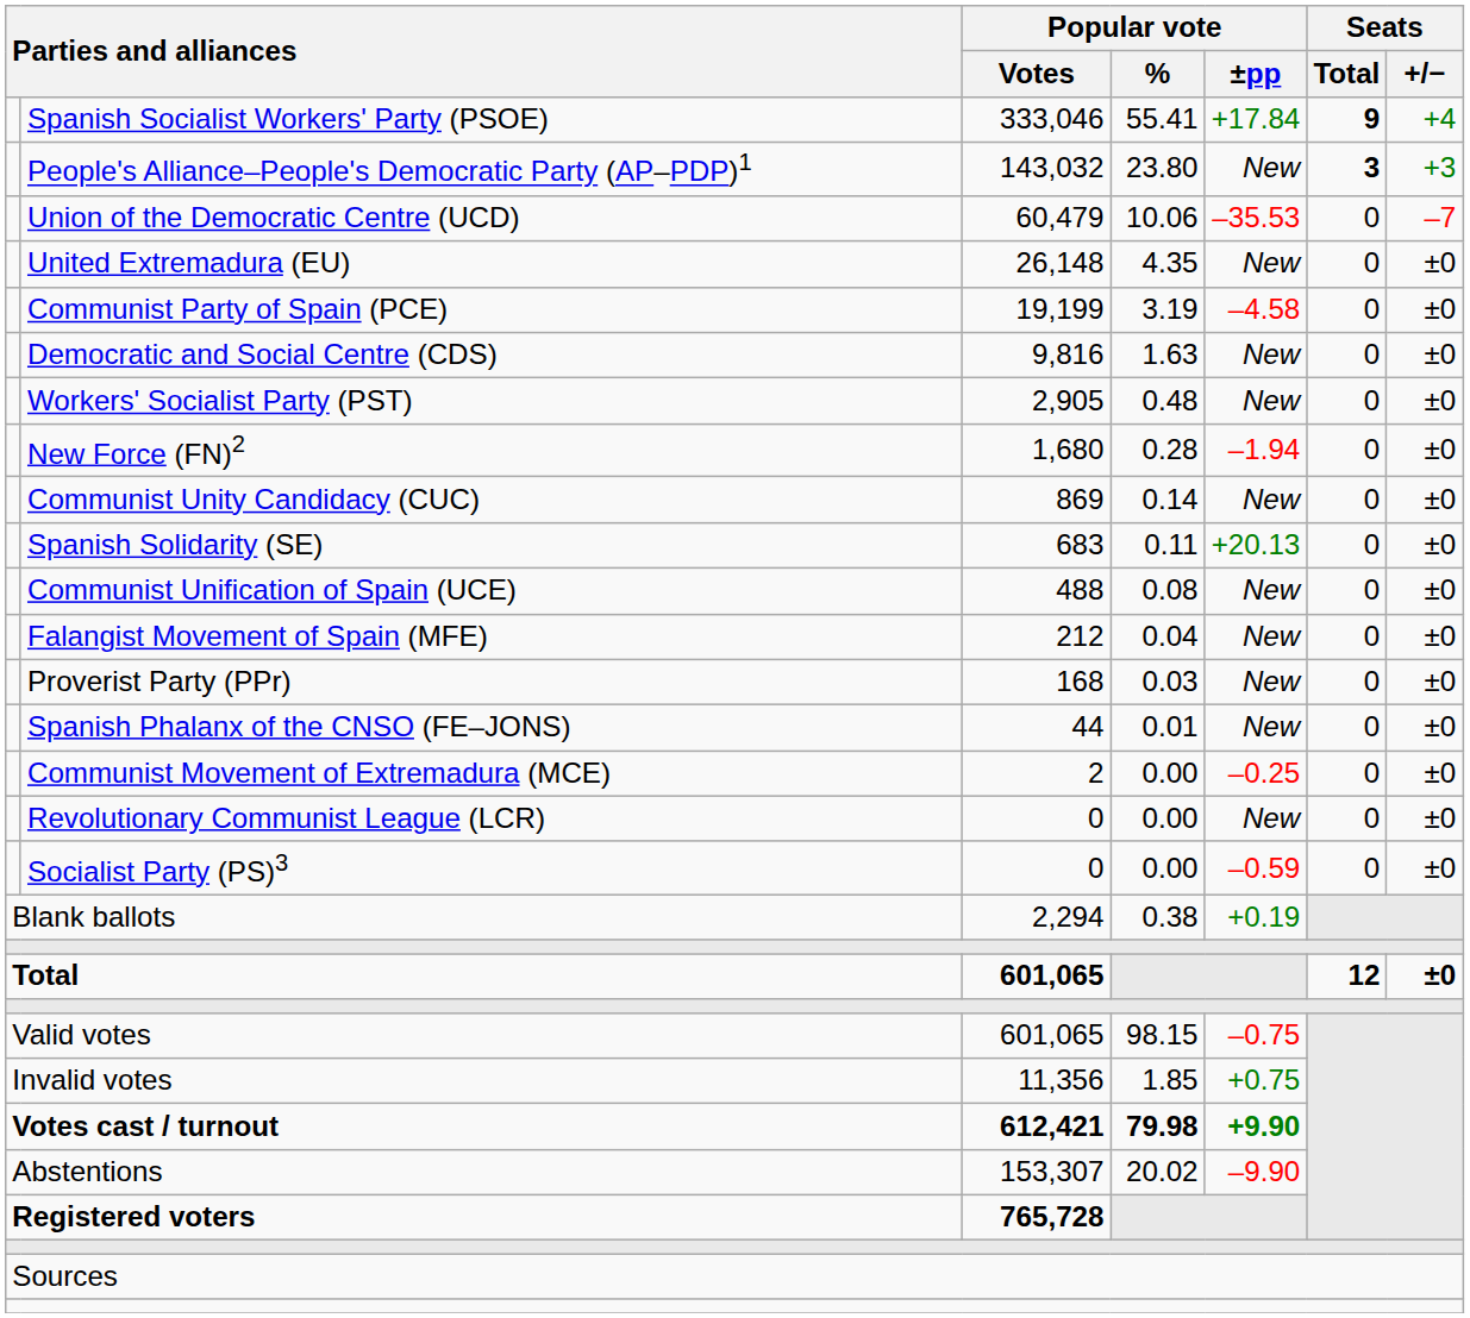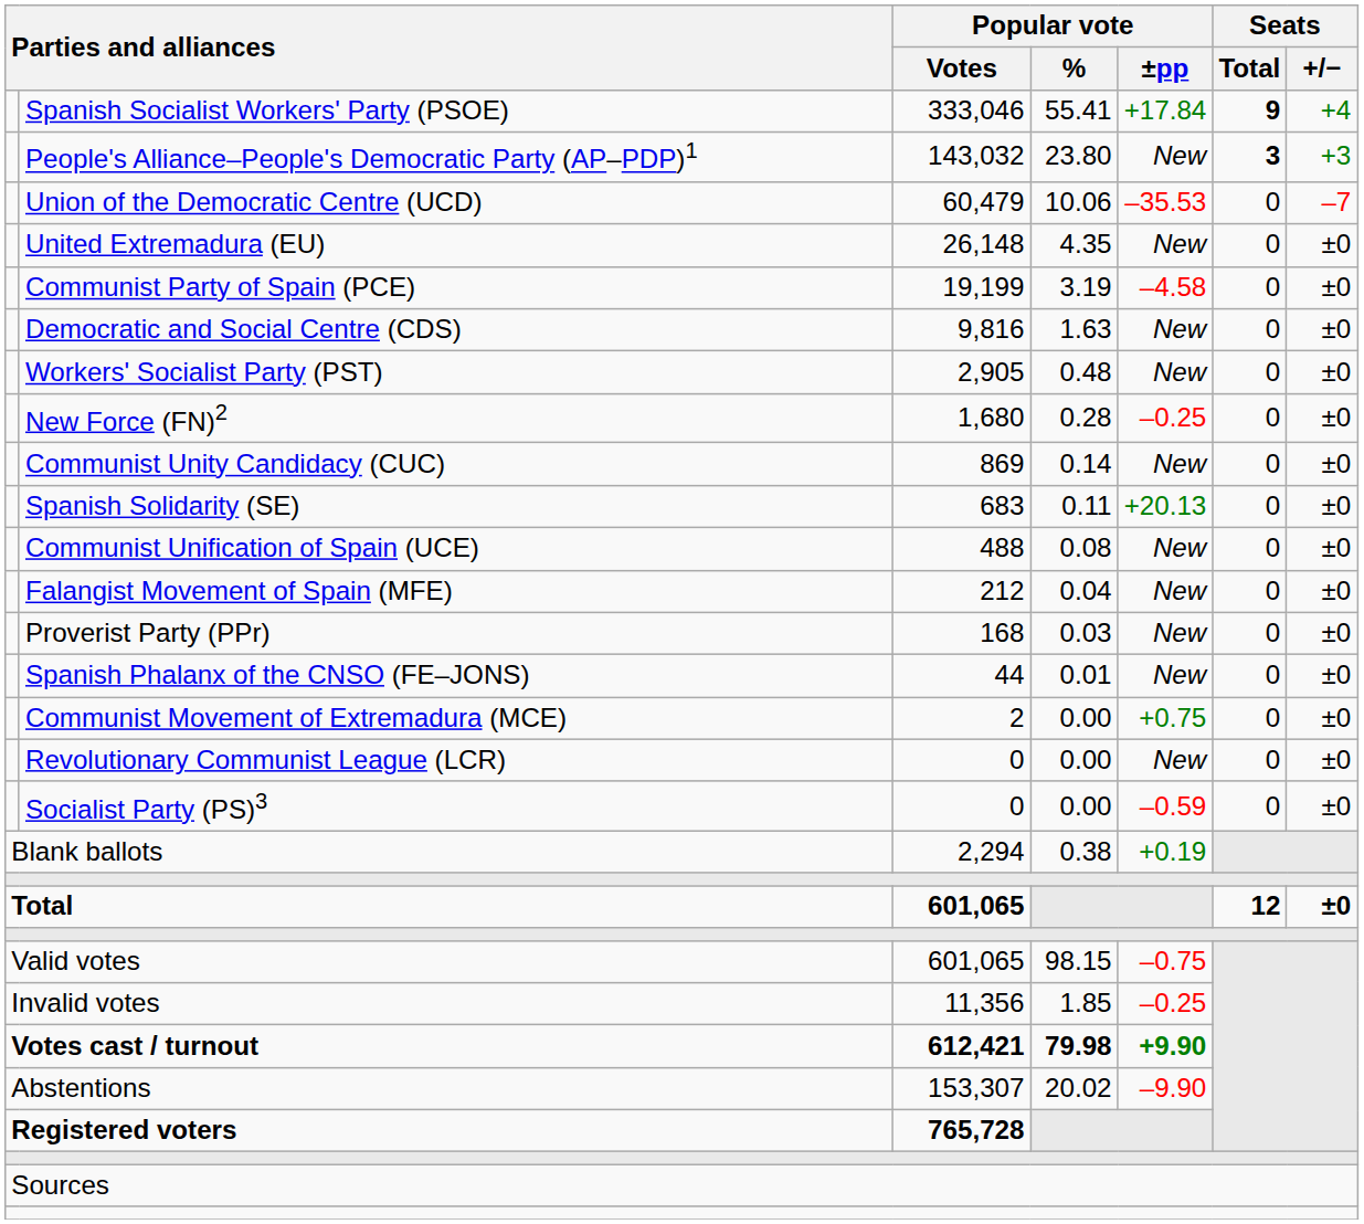 <table class="wikitable" style="text-align:right;">
 <tr>
 <th style="text-align:left;" rowspan="2" colspan="2" width="525">Parties and alliances</th>
 <th colspan="3">Popular vote</th>
 <th colspan="2">Seats</th>
 </tr>
 <tr>
 <th width="75">Votes</th>
 <th width="45">%</th>
 <th width="45">±<a href='#'>pp</a></th>
 <th width="35">Total</th>
 <th width="35">+/−</th>
 </tr>
 <tr>
 <td width="1" style="color:inherit;background:"></td>
 <td align="left"><a href='#'>Spanish Socialist Workers' Party</a> (PSOE)</td>
 <td>333,046</td>
 <td>55.41</td>
 <td style="color:green;">+17.84</td>
 <td><strong>9</strong></td>
 <td style="color:green;">+4</td>
 </tr>
 <tr>
 <td style="color:inherit;background:"></td>
 <td align="left"><a href='#'>People's Alliance–People's Democratic Party</a> (<a href='#'>AP</a>–<a href='#'>PDP</a>)<sup>1</sup></td>
 <td>143,032</td>
 <td>23.80</td>
 <td><em>New</em></td>
 <td><strong>3</strong></td>
 <td style="color:green;">+3</td>
 </tr>
 <tr>
 <td style="color:inherit;background:"></td>
 <td align="left"><a href='#'>Union of the Democratic Centre</a> (UCD)</td>
 <td>60,479</td>
 <td>10.06</td>
 <td style="color:red;">–35.53</td>
 <td>0</td>
 <td style="color:red;">–7</td>
 </tr>
 <tr>
 <td style="color:inherit;background:"></td>
 <td align="left"><a href='#'>United Extremadura</a> (EU)</td>
 <td>26,148</td>
 <td>4.35</td>
 <td><em>New</em></td>
 <td>0</td>
 <td>±0</td>
 </tr>
 <tr>
 <td style="color:inherit;background:"></td>
 <td align="left"><a href='#'>Communist Party of Spain</a> (PCE)</td>
 <td>19,199</td>
 <td>3.19</td>
 <td style="color:red;">–4.58</td>
 <td>0</td>
 <td>±0</td>
 </tr>
 <tr>
 <td style="color:inherit;background:"></td>
 <td align="left"><a href='#'>Democratic and Social Centre</a> (CDS)</td>
 <td>9,816</td>
 <td>1.63</td>
 <td><em>New</em></td>
 <td>0</td>
 <td>±0</td>
 </tr>
 <tr>
 <td style="color:inherit;background:"></td>
 <td align="left"><a href='#'>Workers' Socialist Party</a> (PST)</td>
 <td>2,905</td>
 <td>0.48</td>
 <td><em>New</em></td>
 <td>0</td>
 <td>±0</td>
 </tr>
 <tr>
 <td style="color:inherit;background:"></td>
 <td align="left"><a href='#'>New Force</a> (FN)<sup>2</sup></td>
 <td>1,680</td>
 <td>0.28</td>
-<td style="color:red;">–1.94</td>
+<td style="color:red;">–0.25</td>
 <td>0</td>
 <td>±0</td>
 </tr>
 <tr>
 <td style="color:inherit;background:"></td>
 <td align="left"><a href='#'>Communist Unity Candidacy</a> (CUC)</td>
 <td>869</td>
 <td>0.14</td>
 <td><em>New</em></td>
 <td>0</td>
 <td>±0</td>
 </tr>
 <tr>
 <td style="color:inherit;background:"></td>
 <td align="left"><a href='#'>Spanish Solidarity</a> (SE)</td>
 <td>683</td>
 <td>0.11</td>
 <td style="color:green;">+20.13</td>
 <td>0</td>
 <td>±0</td>
 </tr>
 <tr>
 <td style="color:inherit;background:"></td>
 <td align="left"><a href='#'>Communist Unification of Spain</a> (UCE)</td>
 <td>488</td>
 <td>0.08</td>
 <td><em>New</em></td>
 <td>0</td>
 <td>±0</td>
 </tr>
 <tr>
 <td style="color:inherit;background:"></td>
 <td align="left"><a href='#'>Falangist Movement of Spain</a> (MFE)</td>
 <td>212</td>
 <td>0.04</td>
 <td><em>New</em></td>
 <td>0</td>
 <td>±0</td>
 </tr>
 <tr>
 <td style="color:inherit;background:"></td>
 <td align="left">Proverist Party (PPr)</td>
 <td>168</td>
 <td>0.03</td>
 <td><em>New</em></td>
 <td>0</td>
 <td>±0</td>
 </tr>
 <tr>
 <td style="color:inherit;background:"></td>
 <td align="left"><a href='#'>Spanish Phalanx of the CNSO</a> (FE–JONS)</td>
 <td>44</td>
 <td>0.01</td>
 <td><em>New</em></td>
 <td>0</td>
 <td>±0</td>
 </tr>
 <tr>
 <td style="color:inherit;background:"></td>
 <td align="left"><a href='#'>Communist Movement of Extremadura</a> (MCE)</td>
 <td>2</td>
 <td>0.00</td>
-<td style="color:red;">–0.25</td>
+<td style="color:green;">+0.75</td>
 <td>0</td>
 <td>±0</td>
 </tr>
 <tr>
 <td style="color:inherit;background:"></td>
 <td align="left"><a href='#'>Revolutionary Communist League</a> (LCR)</td>
 <td>0</td>
 <td>0.00</td>
 <td><em>New</em></td>
 <td>0</td>
 <td>±0</td>
 </tr>
 <tr>
 <td style="color:inherit;background:"></td>
 <td align="left"><a href='#'>Socialist Party</a> (PS)<sup>3</sup></td>
 <td>0</td>
 <td>0.00</td>
 <td style="color:red;">–0.59</td>
 <td>0</td>
 <td>±0</td>
 </tr>
 <tr>
 <td align="left" colspan="2">Blank ballots</td>
 <td>2,294</td>
 <td>0.38</td>
 <td style="color:green;">+0.19</td>
 <td bgcolor="#E9E9E9" colspan="2"></td>
 </tr>
 <tr>
 <td colspan="7" bgcolor="#E9E9E9"></td>
 </tr>
 <tr style="font-weight:bold;">
 <td align="left" colspan="2">Total</td>
 <td>601,065</td>
 <td bgcolor="#E9E9E9" colspan="2"></td>
 <td>12</td>
 <td>±0</td>
 </tr>
 <tr>
 <td colspan="7" bgcolor="#E9E9E9"></td>
 </tr>
 <tr>
 <td align="left" colspan="2">Valid votes</td>
 <td>601,065</td>
 <td>98.15</td>
 <td style="color:red;">–0.75</td>
 <td bgcolor="#E9E9E9" colspan="2" rowspan="5"></td>
 </tr>
 <tr>
 <td align="left" colspan="2">Invalid votes</td>
 <td>11,356</td>
 <td>1.85</td>
-<td style="color:green;">+0.75</td>
+<td style="color:red;">–0.25</td>
 </tr>
 <tr style="font-weight:bold;">
 <td align="left" colspan="2">Votes cast / turnout</td>
 <td>612,421</td>
 <td>79.98</td>
 <td style="color:green;">+9.90</td>
 </tr>
 <tr>
 <td align="left" colspan="2">Abstentions</td>
 <td>153,307</td>
 <td>20.02</td>
 <td style="color:red;">–9.90</td>
 </tr>
 <tr style="font-weight:bold;">
 <td align="left" colspan="2">Registered voters</td>
 <td>765,728</td>
 <td bgcolor="#E9E9E9" colspan="2"></td>
 </tr>
 <tr>
 <td colspan="7" bgcolor="#E9E9E9"></td>
 </tr>
 <tr>
 <td align="left" colspan="7">Sources</td>
 </tr>
 <tr>
 <td colspan="7" style="text-align:left; max-width:790px;"></td>
 </tr>
 </table>
